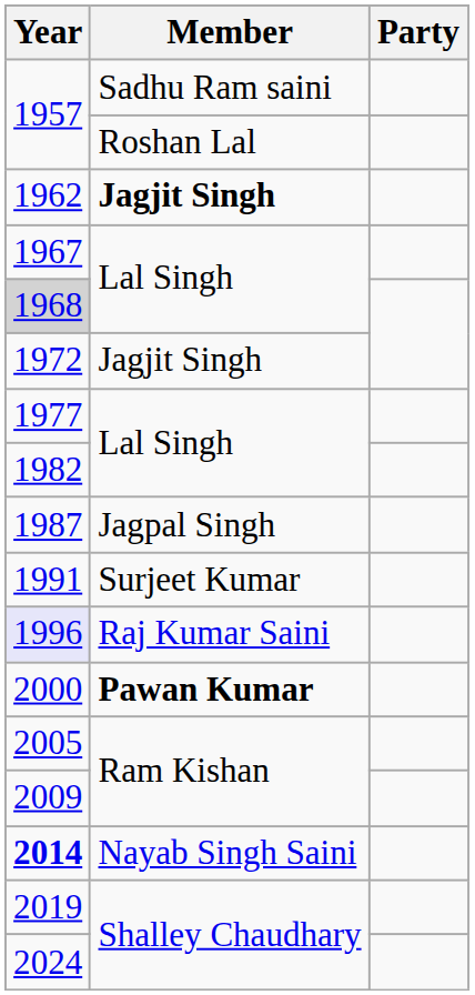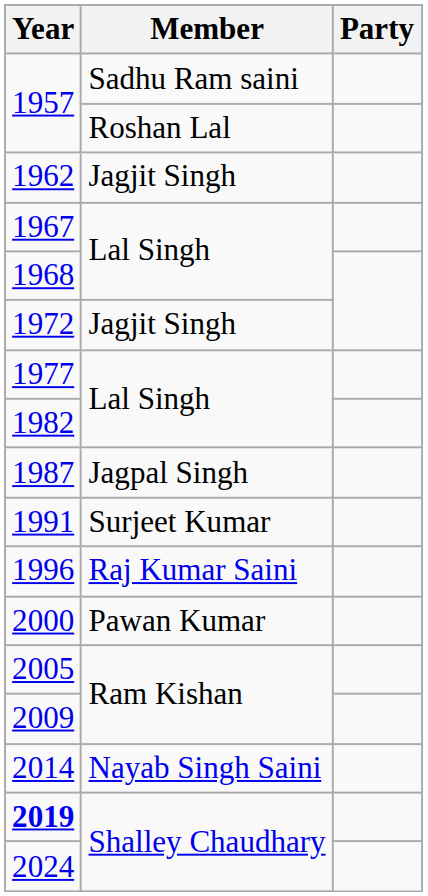 <table class="wikitable">
 <tr>
 <th>Year</th>
 <th>Member</th>
 <th colspan="2">Party</th>
 </tr>
 <tr>
 <td rowspan="2"><a href='#'>1957</a></td>
 <td>Sadhu Ram saini</td>
 <td></td>
 </tr>
 <tr>
 <td>Roshan Lal</td>
 </tr>
 <tr>
 <td><a href='#'>1962</a></td>
-<td><strong>Jagjit Singh</strong></td>
+<td>Jagjit Singh</td>
 <td></td>
 </tr>
 <tr>
 <td><a href='#'>1967</a></td>
 <td rowspan="2">Lal Singh</td>
 <td></td>
 </tr>
 <tr>
-<td style="background: lightgrey;"><a href='#'>1968</a></td>
+<td><a href='#'>1968</a></td>
 </tr>
 <tr>
 <td><a href='#'>1972</a></td>
 <td>Jagjit Singh</td>
 </tr>
 <tr>
 <td><a href='#'>1977</a></td>
 <td rowspan=2>Lal Singh</td>
 <td></td>
 </tr>
 <tr>
 <td><a href='#'>1982</a></td>
 <td></td>
 </tr>
 <tr>
 <td><a href='#'>1987</a></td>
 <td>Jagpal Singh</td>
 </tr>
 <tr>
 <td><a href='#'>1991</a></td>
 <td>Surjeet Kumar</td>
 <td></td>
 </tr>
 <tr>
-<td style="background: lavender;"><a href='#'>1996</a></td>
+<td><a href='#'>1996</a></td>
 <td><a href='#'>Raj Kumar Saini</a></td>
 <td></td>
 </tr>
 <tr>
 <td><a href='#'>2000</a></td>
-<td><strong>Pawan Kumar</strong></td>
+<td>Pawan Kumar</td>
 <td></td>
 </tr>
 <tr>
 <td><a href='#'>2005</a></td>
 <td rowspan=2>Ram Kishan</td>
 <td></td>
 </tr>
 <tr>
 <td><a href='#'>2009</a></td>
 </tr>
 <tr>
-<td><strong><a href='#'>2014</a></strong></td>
+<td><a href='#'>2014</a></td>
 <td><a href='#'>Nayab Singh Saini</a></td>
 <td></td>
 </tr>
 <tr>
-<td><a href='#'>2019</a></td>
+<td><strong><a href='#'>2019</a></strong></td>
 <td rowspan=2><a href='#'>Shalley Chaudhary</a></td>
 <td></td>
 </tr>
 <tr>
 <td><a href='#'>2024</a></td>
 </tr>
 <tr>
 </tr>
 </table>
